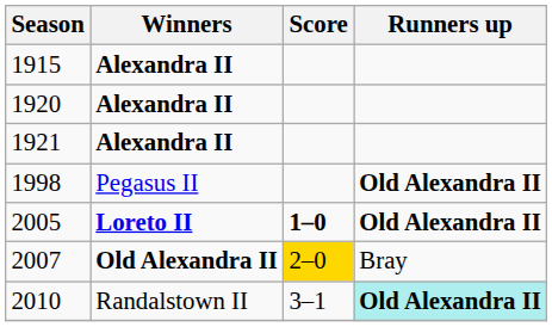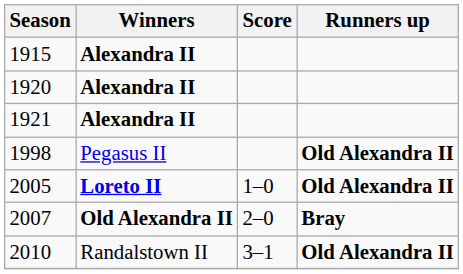 <table class="wikitable collapsible">
 <tr>
 <th>Season</th>
 <th>Winners</th>
 <th>Score</th>
 <th>Runners up</th>
 </tr>
 <tr>
 <td>1915</td>
 <td><strong>Alexandra II</strong></td>
 <td></td>
 <td></td>
 </tr>
 <tr>
 <td>1920</td>
 <td><strong>Alexandra II</strong></td>
 <td></td>
 <td></td>
 </tr>
 <tr>
 <td>1921</td>
 <td><strong>Alexandra II</strong></td>
 <td></td>
 <td></td>
 </tr>
 <tr>
 <td>1998</td>
 <td><a href='#'>Pegasus II</a></td>
 <td></td>
 <td><strong>Old Alexandra II</strong></td>
 </tr>
 <tr>
 <td>2005</td>
 <td><strong><a href='#'>Loreto II</a></strong></td>
-<td><strong>1–0</strong></td>
+<td>1–0</td>
 <td><strong>Old Alexandra II</strong></td>
 </tr>
 <tr>
 <td>2007</td>
 <td><strong>Old Alexandra II</strong> </td>
-<td style="background: gold;">2–0</td>
-<td>Bray</td>
+<td>2–0</td>
+<td><strong>Bray</strong></td>
 </tr>
 <tr>
 <td>2010</td>
 <td>Randalstown II </td>
 <td>3–1</td>
-<td style="background: paleturquoise;"><strong>Old Alexandra II</strong></td>
+<td><strong>Old Alexandra II</strong></td>
 </tr>
 <tr>
 </tr>
 </table>
